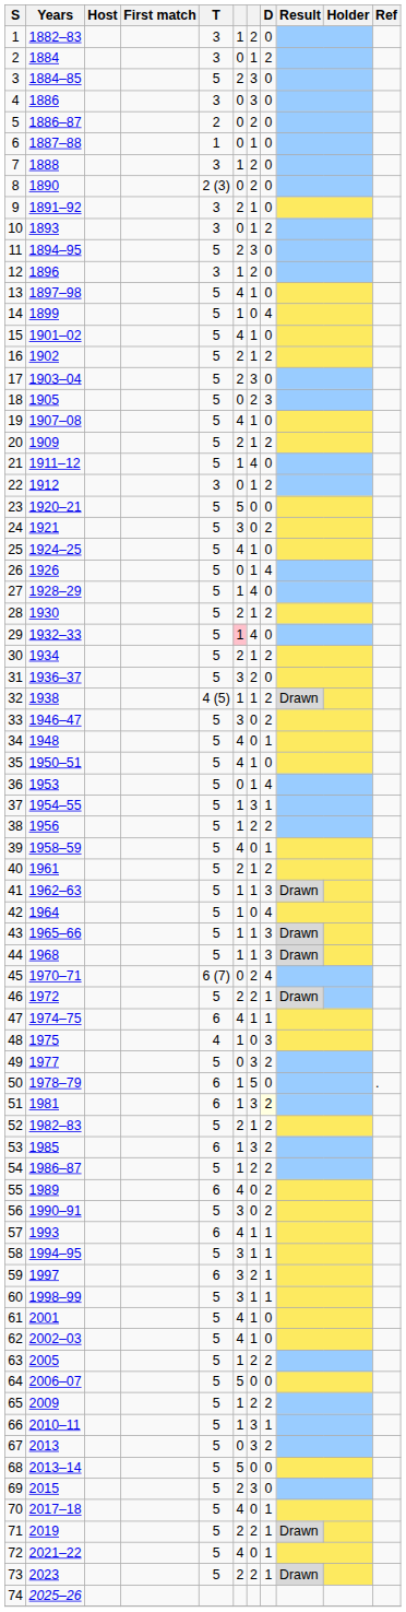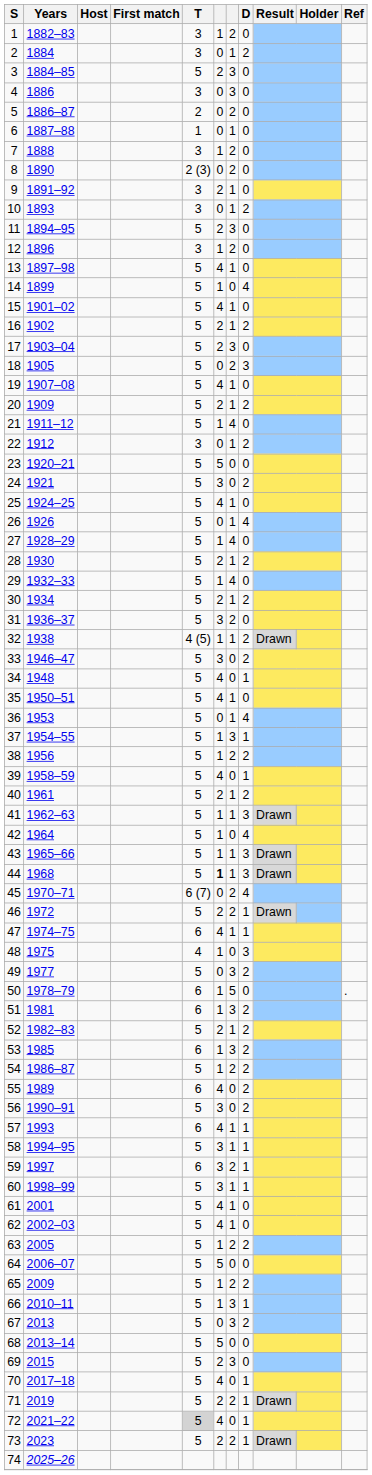 <table class="wikitable sortable">
 <tr>
 <th scope="col"><abbr>S</abbr></th>
 <th scope="col">Years</th>
 <th scope="col">Host</th>
 <th scope="col">First match</th>
 <th scope="col"><abbr>T</abbr></th>
 <th scope="col"></th>
 <th scope="col"></th>
 <th scope="col"><abbr>D</abbr></th>
 <th scope="col" class="unsortable">Result</th>
 <th scope="col" class="unsortable">Holder</th>
 <th scope="col" class="unsortable">Ref</th>
 </tr>
 <tr>
 <td align=center>1</td>
 <td><a href='#'>1882–83</a></td>
 <td></td>
 <td></td>
 <td align=center>3</td>
 <td align=center>1</td>
 <td align=center>2</td>
 <td align=center>0</td>
 <td colspan=2 bgcolor="#99ccff"></td>
 <td></td>
 </tr>
 <tr>
 <td align=center>2</td>
 <td><a href='#'>1884</a></td>
 <td></td>
 <td></td>
 <td align=center>3</td>
 <td align=center>0</td>
 <td align=center>1</td>
 <td align=center>2</td>
 <td colspan=2 bgcolor="#99ccff"></td>
 <td></td>
 </tr>
 <tr>
 <td align=center>3</td>
 <td><a href='#'>1884–85</a></td>
 <td></td>
 <td></td>
 <td align=center>5</td>
 <td align=center>2</td>
 <td align=center>3</td>
 <td align=center>0</td>
 <td colspan=2 bgcolor="#99ccff"></td>
 <td></td>
 </tr>
 <tr>
 <td align=center>4</td>
 <td><a href='#'>1886</a></td>
 <td></td>
 <td></td>
 <td align=center>3</td>
 <td align=center>0</td>
 <td align=center>3</td>
 <td align=center>0</td>
 <td colspan=2 bgcolor="#99ccff"></td>
 <td></td>
 </tr>
 <tr>
 <td align=center>5</td>
 <td><a href='#'>1886–87</a></td>
 <td></td>
 <td></td>
 <td align=center>2</td>
 <td align=center>0</td>
 <td align=center>2</td>
 <td align=center>0</td>
 <td colspan=2 bgcolor="#99ccff"></td>
 <td></td>
 </tr>
 <tr>
 <td align=center>6</td>
 <td><a href='#'>1887–88</a></td>
 <td></td>
 <td></td>
 <td align=center>1</td>
 <td align=center>0</td>
 <td align=center>1</td>
 <td align=center>0</td>
 <td colspan=2 bgcolor="#99ccff"></td>
 <td></td>
 </tr>
 <tr>
 <td align=center>7</td>
 <td><a href='#'>1888</a></td>
 <td></td>
 <td></td>
 <td align=center>3</td>
 <td align=center>1</td>
 <td align=center>2</td>
 <td align=center>0</td>
 <td colspan=2 bgcolor="#99ccff"></td>
 <td></td>
 </tr>
 <tr>
 <td align=center>8</td>
 <td><a href='#'>1890</a></td>
 <td></td>
 <td></td>
 <td align=center>2 (3)</td>
 <td align=center>0</td>
 <td align=center>2</td>
 <td align=center>0</td>
 <td colspan=2 bgcolor="#99ccff"></td>
 <td></td>
 </tr>
 <tr>
 <td align=center>9</td>
 <td><a href='#'>1891–92</a></td>
 <td></td>
 <td></td>
 <td align=center>3</td>
 <td align=center>2</td>
 <td align=center>1</td>
 <td align=center>0</td>
 <td colspan=2 bgcolor="#fdea60"></td>
 <td></td>
 </tr>
 <tr>
 <td align=center>10</td>
 <td><a href='#'>1893</a></td>
 <td></td>
 <td></td>
 <td align=center>3</td>
 <td align=center>0</td>
 <td align=center>1</td>
 <td align=center>2</td>
 <td colspan=2 bgcolor="#99ccff"></td>
 <td></td>
 </tr>
 <tr>
 <td align=center>11</td>
 <td><a href='#'>1894–95</a></td>
 <td></td>
 <td></td>
 <td align=center>5</td>
 <td align=center>2</td>
 <td align=center>3</td>
 <td align=center>0</td>
 <td colspan=2 bgcolor="#99ccff"></td>
 <td></td>
 </tr>
 <tr>
 <td align=center>12</td>
 <td><a href='#'>1896</a></td>
 <td></td>
 <td></td>
 <td align=center>3</td>
 <td align=center>1</td>
 <td align=center>2</td>
 <td align=center>0</td>
 <td colspan=2 bgcolor="#99ccff"></td>
 <td></td>
 </tr>
 <tr>
 <td align=center>13</td>
 <td><a href='#'>1897–98</a></td>
 <td></td>
 <td></td>
 <td align=center>5</td>
 <td align=center>4</td>
 <td align=center>1</td>
 <td align=center>0</td>
 <td colspan=2 bgcolor="#fdea60"></td>
 <td></td>
 </tr>
 <tr>
 <td align=center>14</td>
 <td><a href='#'>1899</a></td>
 <td></td>
 <td></td>
 <td align=center>5</td>
 <td align=center>1</td>
 <td align=center>0</td>
 <td align=center>4</td>
 <td colspan=2 bgcolor="#fdea60"></td>
 <td></td>
 </tr>
 <tr>
 <td align=center>15</td>
 <td><a href='#'>1901–02</a></td>
 <td></td>
 <td></td>
 <td align=center>5</td>
 <td align=center>4</td>
 <td align=center>1</td>
 <td align=center>0</td>
 <td colspan=2 bgcolor="#fdea60"></td>
 <td></td>
 </tr>
 <tr>
 <td align=center>16</td>
 <td><a href='#'>1902</a></td>
 <td></td>
 <td></td>
 <td align=center>5</td>
 <td align=center>2</td>
 <td align=center>1</td>
 <td align=center>2</td>
 <td colspan=2 bgcolor="#fdea60"></td>
 <td></td>
 </tr>
 <tr>
 <td align=center>17</td>
 <td><a href='#'>1903–04</a></td>
 <td></td>
 <td></td>
 <td align=center>5</td>
 <td align=center>2</td>
 <td align=center>3</td>
 <td align=center>0</td>
 <td colspan=2 bgcolor="#99ccff"></td>
 <td></td>
 </tr>
 <tr>
 <td align=center>18</td>
 <td><a href='#'>1905</a></td>
 <td></td>
 <td></td>
 <td align=center>5</td>
 <td align=center>0</td>
 <td align=center>2</td>
 <td align=center>3</td>
 <td colspan=2 bgcolor="#99ccff"></td>
 <td></td>
 </tr>
 <tr>
 <td align=center>19</td>
 <td><a href='#'>1907–08</a></td>
 <td></td>
 <td></td>
 <td align=center>5</td>
 <td align=center>4</td>
 <td align=center>1</td>
 <td align=center>0</td>
 <td colspan=2 bgcolor="#fdea60"></td>
 <td></td>
 </tr>
 <tr>
 <td align=center>20</td>
 <td><a href='#'>1909</a></td>
 <td></td>
 <td></td>
 <td align=center>5</td>
 <td align=center>2</td>
 <td align=center>1</td>
 <td align=center>2</td>
 <td colspan=2 bgcolor="#fdea60"></td>
 <td></td>
 </tr>
 <tr>
 <td align=center>21</td>
 <td><a href='#'>1911–12</a></td>
 <td></td>
 <td></td>
 <td align=center>5</td>
 <td align=center>1</td>
 <td align=center>4</td>
 <td align=center>0</td>
 <td colspan=2 bgcolor="#99ccff"></td>
 <td></td>
 </tr>
 <tr>
 <td align=center>22</td>
 <td><a href='#'>1912</a></td>
 <td></td>
 <td></td>
 <td align=center>3</td>
 <td align=center>0</td>
 <td align=center>1</td>
 <td align=center>2</td>
 <td colspan=2 bgcolor="#99ccff"></td>
 <td></td>
 </tr>
 <tr>
 <td align=center>23</td>
 <td><a href='#'>1920–21</a></td>
 <td></td>
 <td></td>
 <td align=center>5</td>
 <td align=center>5</td>
 <td align=center>0</td>
 <td align=center>0</td>
 <td colspan=2 bgcolor="#fdea60"></td>
 <td></td>
 </tr>
 <tr>
 <td align=center>24</td>
 <td><a href='#'>1921</a></td>
 <td></td>
 <td></td>
 <td align=center>5</td>
 <td align=center>3</td>
 <td align=center>0</td>
 <td align=center>2</td>
 <td colspan=2 bgcolor="#fdea60"></td>
 <td></td>
 </tr>
 <tr>
 <td align=center>25</td>
 <td><a href='#'>1924–25</a></td>
 <td></td>
 <td></td>
 <td align=center>5</td>
 <td align=center>4</td>
 <td align=center>1</td>
 <td align=center>0</td>
 <td colspan=2 bgcolor="#fdea60"></td>
 <td></td>
 </tr>
 <tr>
 <td align=center>26</td>
 <td><a href='#'>1926</a></td>
 <td></td>
 <td></td>
 <td align=center>5</td>
 <td align=center>0</td>
 <td align=center>1</td>
 <td align=center>4</td>
 <td colspan=2 bgcolor="#99ccff"></td>
 <td></td>
 </tr>
 <tr>
 <td align=center>27</td>
 <td><a href='#'>1928–29</a></td>
 <td></td>
 <td></td>
 <td align=center>5</td>
 <td align=center>1</td>
 <td align=center>4</td>
 <td align=center>0</td>
 <td colspan=2 bgcolor="#99ccff"></td>
 <td></td>
 </tr>
 <tr>
 <td align=center>28</td>
 <td><a href='#'>1930</a></td>
 <td></td>
 <td></td>
 <td align=center>5</td>
 <td align=center>2</td>
 <td align=center>1</td>
 <td align=center>2</td>
 <td colspan=2 bgcolor="#fdea60"></td>
 <td></td>
 </tr>
 <tr>
 <td align=center>29</td>
 <td><a href='#'>1932–33</a></td>
 <td></td>
 <td></td>
 <td align=center>5</td>
-<td align=center style="background: pink;">1</td>
+<td align=center>1</td>
 <td align=center>4</td>
 <td align=center>0</td>
 <td colspan=2 bgcolor="#99ccff"></td>
 <td></td>
 </tr>
 <tr>
 <td align=center>30</td>
 <td><a href='#'>1934</a></td>
 <td></td>
 <td></td>
 <td align=center>5</td>
 <td align=center>2</td>
 <td align=center>1</td>
 <td align=center>2</td>
 <td colspan=2 bgcolor="#fdea60"></td>
 <td></td>
 </tr>
 <tr>
 <td align=center>31</td>
 <td><a href='#'>1936–37</a></td>
 <td></td>
 <td></td>
 <td align=center>5</td>
 <td align=center>3</td>
 <td align=center>2</td>
 <td align=center>0</td>
 <td colspan=2 bgcolor="#fdea60"></td>
 <td></td>
 </tr>
 <tr>
 <td align=center>32</td>
 <td><a href='#'>1938</a></td>
 <td></td>
 <td></td>
 <td align=center>4 (5)</td>
 <td align=center>1</td>
 <td align=center>1</td>
 <td align=center>2</td>
 <td bgcolor="#d8d8d8">Drawn</td>
 <td bgcolor="#fdea60"></td>
 <td></td>
 </tr>
 <tr>
 <td align=center>33</td>
 <td><a href='#'>1946–47</a></td>
 <td></td>
 <td></td>
 <td align=center>5</td>
 <td align=center>3</td>
 <td align=center>0</td>
 <td align=center>2</td>
 <td colspan=2 bgcolor="#fdea60"></td>
 <td></td>
 </tr>
 <tr>
 <td align=center>34</td>
 <td><a href='#'>1948</a></td>
 <td></td>
 <td></td>
 <td align=center>5</td>
 <td align=center>4</td>
 <td align=center>0</td>
 <td align=center>1</td>
 <td colspan=2 bgcolor="#fdea60"></td>
 <td></td>
 </tr>
 <tr>
 <td align=center>35</td>
 <td><a href='#'>1950–51</a></td>
 <td></td>
 <td></td>
 <td align=center>5</td>
 <td align=center>4</td>
 <td align=center>1</td>
 <td align=center>0</td>
 <td colspan=2 bgcolor="#fdea60"></td>
 <td></td>
 </tr>
 <tr>
 <td align=center>36</td>
 <td><a href='#'>1953</a></td>
 <td></td>
 <td></td>
 <td align=center>5</td>
 <td align=center>0</td>
 <td align=center>1</td>
 <td align=center>4</td>
 <td colspan=2 bgcolor="#99ccff"></td>
 <td></td>
 </tr>
 <tr>
 <td align=center>37</td>
 <td><a href='#'>1954–55</a></td>
 <td></td>
 <td></td>
 <td align=center>5</td>
 <td align=center>1</td>
 <td align=center>3</td>
 <td align=center>1</td>
 <td colspan=2 bgcolor="#99ccff"></td>
 <td></td>
 </tr>
 <tr>
 <td align=center>38</td>
 <td><a href='#'>1956</a></td>
 <td></td>
 <td></td>
 <td align=center>5</td>
 <td align=center>1</td>
 <td align=center>2</td>
 <td align=center>2</td>
 <td colspan=2 bgcolor="#99ccff"></td>
 <td></td>
 </tr>
 <tr>
 <td align=center>39</td>
 <td><a href='#'>1958–59</a></td>
 <td></td>
 <td></td>
 <td align=center>5</td>
 <td align=center>4</td>
 <td align=center>0</td>
 <td align=center>1</td>
 <td colspan=2 bgcolor="#fdea60"></td>
 <td></td>
 </tr>
 <tr>
 <td align=center>40</td>
 <td><a href='#'>1961</a></td>
 <td></td>
 <td></td>
 <td align=center>5</td>
 <td align=center>2</td>
 <td align=center>1</td>
 <td align=center>2</td>
 <td colspan=2 bgcolor="#fdea60"></td>
 <td></td>
 </tr>
 <tr>
 <td align=center>41</td>
 <td><a href='#'>1962–63</a></td>
 <td></td>
 <td></td>
 <td align=center>5</td>
 <td align=center>1</td>
 <td align=center>1</td>
 <td align=center>3</td>
 <td bgcolor="#d8d8d8">Drawn</td>
 <td bgcolor="#fdea60"></td>
 <td></td>
 </tr>
 <tr>
 <td align=center>42</td>
 <td><a href='#'>1964</a></td>
 <td></td>
 <td></td>
 <td align=center>5</td>
 <td align=center>1</td>
 <td align=center>0</td>
 <td align=center>4</td>
 <td colspan=2 bgcolor="#fdea60"></td>
 <td></td>
 </tr>
 <tr>
 <td align=center>43</td>
 <td><a href='#'>1965–66</a></td>
 <td></td>
 <td></td>
 <td align=center>5</td>
 <td align=center>1</td>
 <td align=center>1</td>
 <td align=center>3</td>
 <td bgcolor="#d8d8d8">Drawn</td>
 <td bgcolor="#fdea60"></td>
 <td></td>
 </tr>
 <tr>
 <td align=center>44</td>
 <td><a href='#'>1968</a></td>
 <td></td>
 <td></td>
 <td align=center>5</td>
-<td align=center>1</td>
+<td align=center><strong>1</strong></td>
 <td align=center>1</td>
 <td align=center>3</td>
 <td bgcolor="#d8d8d8">Drawn</td>
 <td bgcolor="#fdea60"></td>
 <td></td>
 </tr>
 <tr>
 <td align=center>45</td>
 <td><a href='#'>1970–71</a></td>
 <td></td>
 <td></td>
 <td align=center>6 (7)</td>
 <td align=center>0</td>
 <td align=center>2</td>
 <td align=center>4</td>
 <td colspan=2 bgcolor="#99ccff"></td>
 <td></td>
 </tr>
 <tr>
 <td align=center>46</td>
 <td><a href='#'>1972</a></td>
 <td></td>
 <td></td>
 <td align=center>5</td>
 <td align=center>2</td>
 <td align=center>2</td>
 <td align=center>1</td>
 <td bgcolor="#d8d8d8">Drawn</td>
 <td bgcolor="#99ccff"></td>
 <td></td>
 </tr>
 <tr>
 <td align=center>47</td>
 <td><a href='#'>1974–75</a></td>
 <td></td>
 <td></td>
 <td align=center>6</td>
 <td align=center>4</td>
 <td align=center>1</td>
 <td align=center>1</td>
 <td colspan=2 bgcolor="#fdea60"></td>
 <td></td>
 </tr>
 <tr>
 <td align=center>48</td>
 <td><a href='#'>1975</a></td>
 <td></td>
 <td></td>
 <td align=center>4</td>
 <td align=center>1</td>
 <td align=center>0</td>
 <td align=center>3</td>
 <td colspan=2 bgcolor="#fdea60"></td>
 <td></td>
 </tr>
 <tr>
 <td align=center>49</td>
 <td><a href='#'>1977</a></td>
 <td></td>
 <td></td>
 <td align=center>5</td>
 <td align=center>0</td>
 <td align=center>3</td>
 <td align=center>2</td>
 <td colspan=2 bgcolor="#99ccff"></td>
 <td></td>
 </tr>
 <tr>
 <td align=center>50</td>
 <td><a href='#'>1978–79</a></td>
 <td></td>
 <td></td>
 <td align=center>6</td>
 <td align=center>1</td>
 <td align=center>5</td>
 <td align=center>0</td>
 <td colspan=2 bgcolor="#99ccff"></td>
 <td>.</td>
 </tr>
 <tr>
 <td align=center>51</td>
 <td><a href='#'>1981</a></td>
 <td></td>
 <td></td>
 <td align=center>6</td>
 <td align=center>1</td>
 <td align=center>3</td>
-<td align=center style="background: lightyellow;">2</td>
+<td align=center>2</td>
 <td colspan=2 bgcolor="#99ccff"></td>
 <td></td>
 </tr>
 <tr>
 <td align=center>52</td>
 <td><a href='#'>1982–83</a></td>
 <td></td>
 <td></td>
 <td align=center>5</td>
 <td align=center>2</td>
 <td align=center>1</td>
 <td align=center>2</td>
 <td colspan=2 bgcolor="#fdea60"></td>
 <td></td>
 </tr>
 <tr>
 <td align=center>53</td>
 <td><a href='#'>1985</a></td>
 <td></td>
 <td></td>
 <td align=center>6</td>
 <td align=center>1</td>
 <td align=center>3</td>
 <td align=center>2</td>
 <td colspan=2 bgcolor="#99ccff"></td>
 <td></td>
 </tr>
 <tr>
 <td align=center>54</td>
 <td><a href='#'>1986–87</a></td>
 <td></td>
 <td></td>
 <td align=center>5</td>
 <td align=center>1</td>
 <td align=center>2</td>
 <td align=center>2</td>
 <td colspan=2 bgcolor="#99ccff"></td>
 <td></td>
 </tr>
 <tr>
 <td align=center>55</td>
 <td><a href='#'>1989</a></td>
 <td></td>
 <td></td>
 <td align=center>6</td>
 <td align=center>4</td>
 <td align=center>0</td>
 <td align=center>2</td>
 <td colspan=2 bgcolor="#fdea60"></td>
 <td></td>
 </tr>
 <tr>
 <td align=center>56</td>
 <td><a href='#'>1990–91</a></td>
 <td></td>
 <td></td>
 <td align=center>5</td>
 <td align=center>3</td>
 <td align=center>0</td>
 <td align=center>2</td>
 <td colspan=2 bgcolor="#fdea60"></td>
 <td></td>
 </tr>
 <tr>
 <td align=center>57</td>
 <td><a href='#'>1993</a></td>
 <td></td>
 <td></td>
 <td align=center>6</td>
 <td align=center>4</td>
 <td align=center>1</td>
 <td align=center>1</td>
 <td colspan=2 bgcolor="#fdea60"></td>
 <td></td>
 </tr>
 <tr>
 <td align=center>58</td>
 <td><a href='#'>1994–95</a></td>
 <td></td>
 <td></td>
 <td align=center>5</td>
 <td align=center>3</td>
 <td align=center>1</td>
 <td align=center>1</td>
 <td colspan=2 bgcolor="#fdea60"></td>
 <td></td>
 </tr>
 <tr>
 <td align=center>59</td>
 <td><a href='#'>1997</a></td>
 <td></td>
 <td></td>
 <td align=center>6</td>
 <td align=center>3</td>
 <td align=center>2</td>
 <td align=center>1</td>
 <td colspan=2 bgcolor="#fdea60"></td>
 <td></td>
 </tr>
 <tr>
 <td align=center>60</td>
 <td><a href='#'>1998–99</a></td>
 <td></td>
 <td></td>
 <td align=center>5</td>
 <td align=center>3</td>
 <td align=center>1</td>
 <td align=center>1</td>
 <td colspan=2 bgcolor="#fdea60"></td>
 <td></td>
 </tr>
 <tr>
 <td align=center>61</td>
 <td><a href='#'>2001</a></td>
 <td></td>
 <td></td>
 <td align=center>5</td>
 <td align=center>4</td>
 <td align=center>1</td>
 <td align=center>0</td>
 <td colspan=2 bgcolor="#fdea60"></td>
 <td></td>
 </tr>
 <tr>
 <td align=center>62</td>
 <td><a href='#'>2002–03</a></td>
 <td></td>
 <td></td>
 <td align=center>5</td>
 <td align=center>4</td>
 <td align=center>1</td>
 <td align=center>0</td>
 <td colspan=2 bgcolor="#fdea60"></td>
 <td></td>
 </tr>
 <tr>
 <td align=center>63</td>
 <td><a href='#'>2005</a></td>
 <td></td>
 <td></td>
 <td align=center>5</td>
 <td align=center>1</td>
 <td align=center>2</td>
 <td align=center>2</td>
 <td colspan=2 bgcolor="#99ccff"></td>
 <td></td>
 </tr>
 <tr>
 <td align=center>64</td>
 <td><a href='#'>2006–07</a></td>
 <td></td>
 <td></td>
 <td align=center>5</td>
 <td align=center>5</td>
 <td align=center>0</td>
 <td align=center>0</td>
 <td colspan=2 bgcolor="#fdea60"></td>
 <td></td>
 </tr>
 <tr>
 <td align=center>65</td>
 <td><a href='#'>2009</a></td>
 <td></td>
 <td></td>
 <td align=center>5</td>
 <td align=center>1</td>
 <td align=center>2</td>
 <td align=center>2</td>
 <td colspan=2 bgcolor="#99ccff"></td>
 <td></td>
 </tr>
 <tr>
 <td align=center>66</td>
 <td><a href='#'>2010–11</a></td>
 <td></td>
 <td></td>
 <td align=center>5</td>
 <td align=center>1</td>
 <td align=center>3</td>
 <td align=center>1</td>
 <td colspan=2 bgcolor="#99ccff"></td>
 <td></td>
 </tr>
 <tr>
 <td align=center>67</td>
 <td><a href='#'>2013</a></td>
 <td></td>
 <td></td>
 <td align=center>5</td>
 <td align=center>0</td>
 <td align=center>3</td>
 <td align=center>2</td>
 <td colspan=2 bgcolor="#99ccff"></td>
 <td></td>
 </tr>
 <tr>
 <td align=center>68</td>
 <td><a href='#'>2013–14</a></td>
 <td></td>
 <td></td>
 <td align=center>5</td>
 <td align=center>5</td>
 <td align=center>0</td>
 <td align=center>0</td>
 <td colspan=2 bgcolor="#fdea60"></td>
 <td></td>
 </tr>
 <tr>
 <td align=center>69</td>
 <td><a href='#'>2015</a></td>
 <td></td>
 <td></td>
 <td align=center>5</td>
 <td align=center>2</td>
 <td align=center>3</td>
 <td align=center>0</td>
 <td colspan=2 bgcolor="#99ccff"></td>
 <td></td>
 </tr>
 <tr>
 <td align=center>70</td>
 <td><a href='#'>2017–18</a></td>
 <td></td>
 <td></td>
 <td align=center>5</td>
 <td align=center>4</td>
 <td align=center>0</td>
 <td align=center>1</td>
 <td colspan=2 bgcolor="#fdea60"></td>
 <td></td>
 </tr>
 <tr>
 <td align=center>71</td>
 <td><a href='#'>2019</a></td>
 <td></td>
 <td></td>
 <td align=center>5</td>
 <td align=center>2</td>
 <td align=center>2</td>
 <td align=center>1</td>
 <td bgcolor="#d8d8d8">Drawn</td>
 <td bgcolor="#fdea60"></td>
 <td></td>
 </tr>
 <tr>
 <td align=center>72</td>
 <td><a href='#'>2021–22</a></td>
 <td></td>
 <td></td>
-<td align=center>5</td>
+<td align=center style="background: lightgrey;">5</td>
 <td align=center>4</td>
 <td align=center>0</td>
 <td align=center>1</td>
 <td colspan=2 bgcolor="#fdea60"></td>
 <td></td>
 </tr>
 <tr>
 <td align=center>73</td>
 <td><a href='#'>2023</a></td>
 <td></td>
 <td></td>
 <td align=center>5</td>
 <td align=center>2</td>
 <td align=center>2</td>
 <td align=center>1</td>
 <td bgcolor="#d8d8d8">Drawn</td>
 <td bgcolor="#fdea60"></td>
 <td></td>
 </tr>
 <tr>
 <td align=center>74</td>
 <td><em><a href='#'>2025–26</a></em></td>
 <td></td>
 <td></td>
 <td align=center></td>
 <td align=center></td>
 <td align=center></td>
 <td align=center></td>
 <td bgcolor=></td>
 <td bgcolor=></td>
 <td></td>
 </tr>
 <tr>
 </tr>
 </table>
